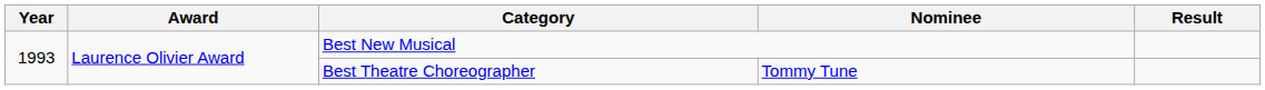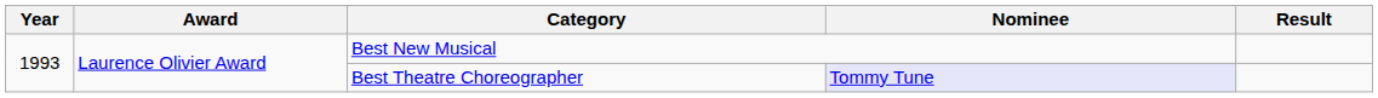 <table class="wikitable" width="95%">
 <tr>
 <th width="5%">Year</th>
 <th width="20%">Award</th>
 <th width="35%">Category</th>
 <th width="30%">Nominee</th>
 <th width="10%">Result</th>
 </tr>
 <tr>
 <td rowspan="2" align="center">1993</td>
 <td rowspan="2"><a href='#'>Laurence Olivier Award</a></td>
 <td colspan="2"><a href='#'>Best New Musical</a></td>
 <td></td>
 </tr>
 <tr>
 <td><a href='#'>Best Theatre Choreographer</a></td>
-<td><a href='#'>Tommy Tune</a></td>
+<td style="background: lavender;"><a href='#'>Tommy Tune</a></td>
 <td></td>
 </tr>
 </table>
